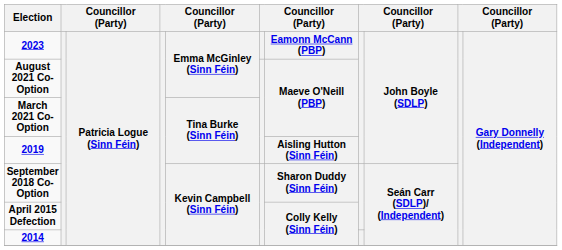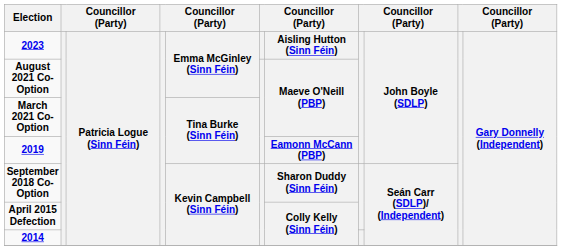 <table class="wikitable" style="text-align:center">
 <tr>
 <th scope="col" width="50">Election</th>
 <th scope="col" width="150" colspan = "2">Councillor<br> (Party)</th>
 <th scope="col" width="150" colspan = "2">Councillor<br> (Party)</th>
 <th scope="col" width="150" colspan = "2">Councillor<br> (Party)</th>
 <th scope="col" width="150" colspan = "2">Councillor<br> (Party)</th>
 <th scope="col" width="150" colspan = "2">Councillor<br> (Party)</th>
 </tr>
 <tr>
 <td><strong><a href='#'>2023</a></strong></td>
 <th rowspan="7" width="1" style="background-color: "></th>
 <th rowspan = "7">Patricia Logue <br> (<a href='#'>Sinn Féin</a>)</th>
 <th rowspan="7" width="1" style="background-color: "></th>
 <th rowspan = "2">Emma McGinley <br> (<a href='#'>Sinn Féin</a>)</th>
 <th rowspan="1" width="1" style="background-color: "></th>
-<th rowspan = "1"><a href='#'>Eamonn McCann</a> <br> (<a href='#'>PBP</a>)</th>
+<th rowspan = "1">Aisling Hutton <br> (<a href='#'>Sinn Féin</a>)</th>
 <th rowspan="4" width="1" style="background-color: "></th>
 <th rowspan = "4">John Boyle <br> (<a href='#'>SDLP</a>)</th>
 <th rowspan="7" width="1" style="background-color: "></th>
 <th rowspan = "7"><a href='#'>Gary Donnelly</a> <br> (<a href='#'>Independent</a>)</th>
 </tr>
 <tr>
 <td><strong>August 2021 Co-Option</strong></td>
 <th rowspan="3" width="1" style="background-color: "></th>
 <th rowspan = "2">Maeve O'Neill <br> (<a href='#'>PBP</a>)</th>
 </tr>
 <tr>
 <td><strong>March 2021 Co-Option</strong></td>
 <th rowspan = "2">Tina Burke <br> (<a href='#'>Sinn Féin</a>)</th>
 </tr>
 <tr>
 <td><strong><a href='#'>2019</a></strong></td>
-<th rowspan = "1">Aisling Hutton <br> (<a href='#'>Sinn Féin</a>)</th>
+<th rowspan = "1"><a href='#'>Eamonn McCann</a> <br> (<a href='#'>PBP</a>)</th>
 </tr>
 <tr>
 <td><strong>September 2018 Co-Option</strong></td>
 <th rowspan = "3">Kevin Campbell <br> (<a href='#'>Sinn Féin</a>)</th>
 <th rowspan="3" width="1" style="background-color: "></th>
 <th rowspan = "1">Sharon Duddy <br> (<a href='#'>Sinn Féin</a>)</th>
 <th rowspan="2" width="1" style="background-color: "></th>
 <th rowspan = "3">Seán Carr <br> (<a href='#'>SDLP</a>)/ <br> (<a href='#'>Independent</a>)</th>
 </tr>
 <tr>
 <td><strong>April 2015 Defection</strong></td>
 <th rowspan = "2">Colly Kelly <br> (<a href='#'>Sinn Féin</a>)</th>
 </tr>
 <tr>
 <td><strong><a href='#'>2014</a></strong></td>
 <th rowspan="1" width="1" style="background-color: "></th>
 </tr>
 <tr>
 </tr>
 </table>
